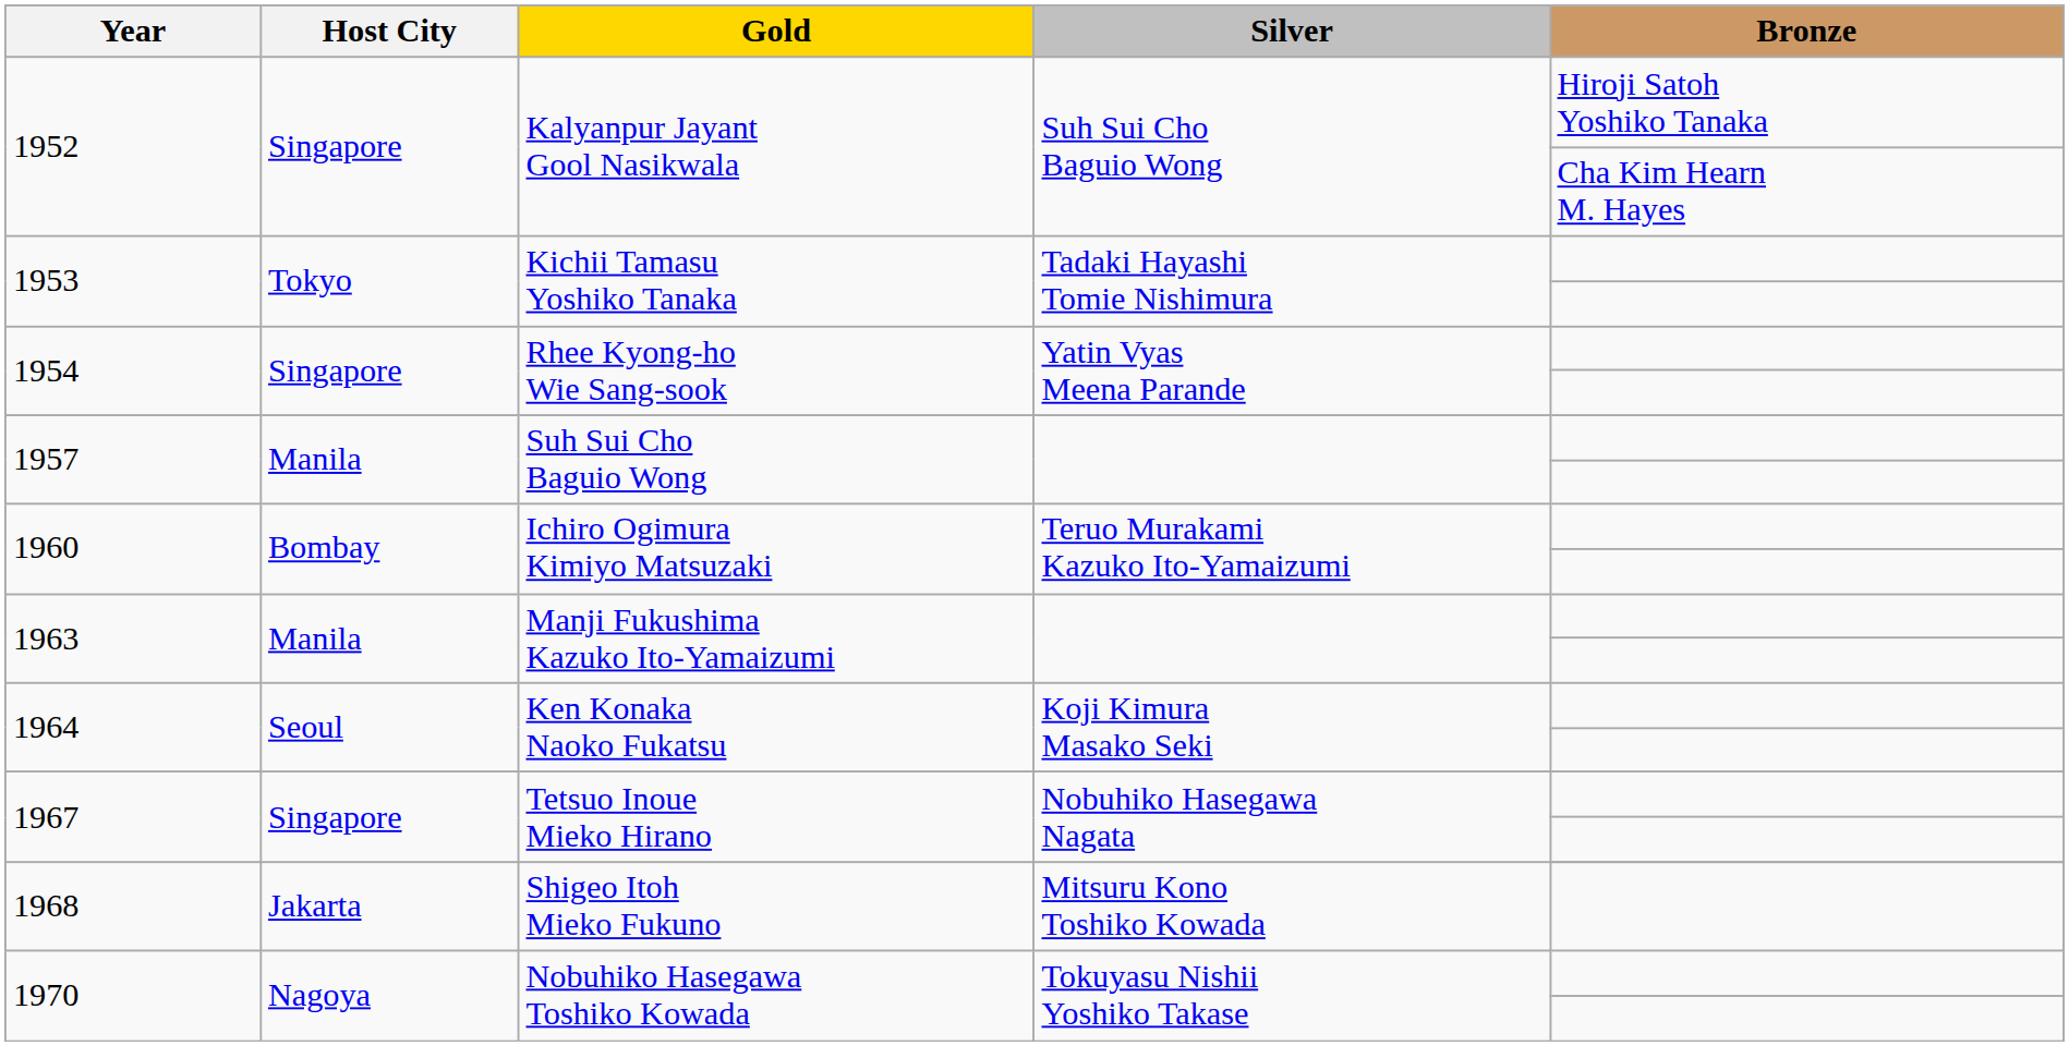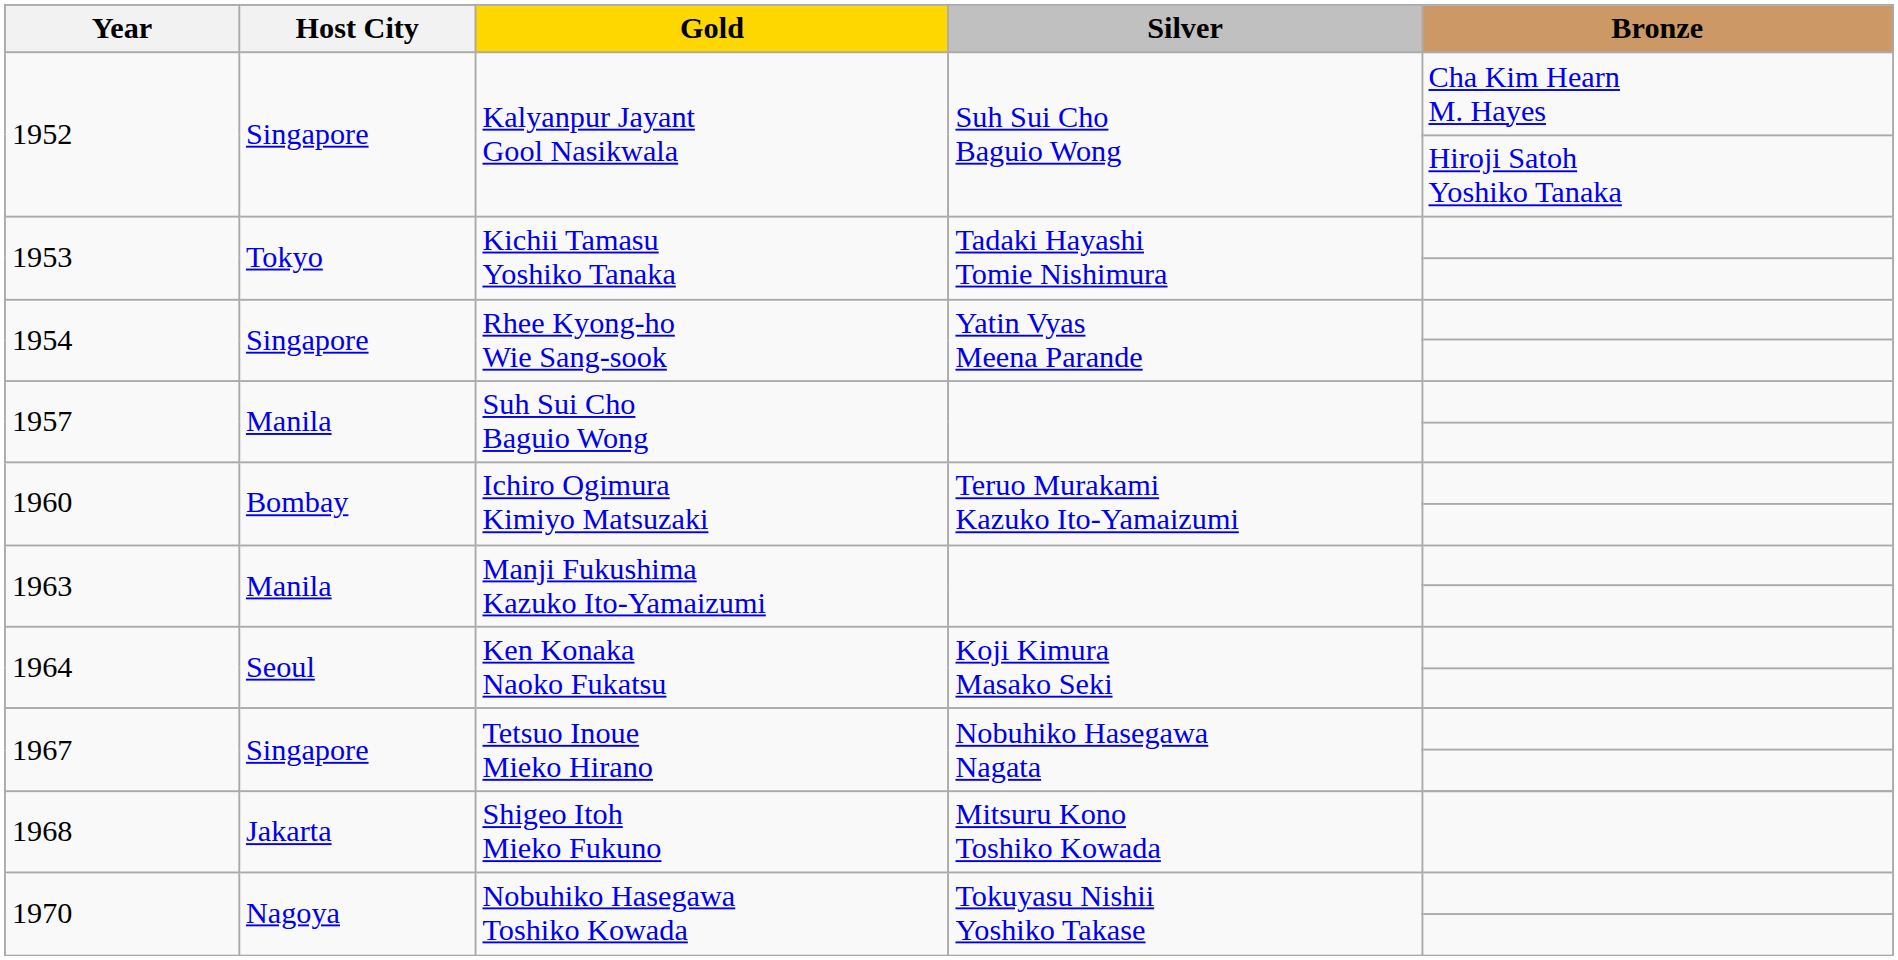 <table class="wikitable" style="text-align:left; width:1000px;">
 <tr>
 <th width="120">Year</th>
 <th width="120">Host City</th>
 <th width="250" style="background-color: gold">Gold</th>
 <th width="250" style="background-color: silver">Silver</th>
 <th width="250" style="background-color: #cc9966">Bronze</th>
 </tr>
 <tr>
 <td rowspan=2>1952</td>
 <td rowspan=2><a href='#'>Singapore</a></td>
 <td rowspan=2> <a href='#'>Kalyanpur Jayant</a><br> <a href='#'>Gool Nasikwala</a></td>
 <td rowspan=2> <a href='#'>Suh Sui Cho</a><br> <a href='#'>Baguio Wong</a></td>
-<td> <a href='#'>Hiroji Satoh</a><br> <a href='#'>Yoshiko Tanaka</a></td>
+<td> <a href='#'>Cha Kim Hearn</a><br> <a href='#'>M. Hayes</a></td>
 </tr>
 <tr>
-<td> <a href='#'>Cha Kim Hearn</a><br> <a href='#'>M. Hayes</a></td>
+<td> <a href='#'>Hiroji Satoh</a><br> <a href='#'>Yoshiko Tanaka</a></td>
 </tr>
 <tr>
 <td rowspan=2>1953</td>
 <td rowspan=2><a href='#'>Tokyo</a></td>
 <td rowspan=2> <a href='#'>Kichii Tamasu</a><br> <a href='#'>Yoshiko Tanaka</a></td>
 <td rowspan=2> <a href='#'>Tadaki Hayashi</a><br> <a href='#'>Tomie Nishimura</a></td>
 <td></td>
 </tr>
 <tr>
 <td></td>
 </tr>
 <tr>
 <td rowspan=2>1954</td>
 <td rowspan=2><a href='#'>Singapore</a></td>
 <td rowspan=2> <a href='#'>Rhee Kyong-ho</a><br> <a href='#'>Wie Sang-sook</a></td>
 <td rowspan=2> <a href='#'>Yatin Vyas</a><br> <a href='#'>Meena Parande</a></td>
 <td></td>
 </tr>
 <tr>
 <td></td>
 </tr>
 <tr>
 <td rowspan=2>1957</td>
 <td rowspan=2><a href='#'>Manila</a></td>
 <td rowspan=2> <a href='#'>Suh Sui Cho</a><br> <a href='#'>Baguio Wong</a></td>
 <td rowspan=2></td>
 <td></td>
 </tr>
 <tr>
 <td></td>
 </tr>
 <tr>
 <td rowspan=2>1960</td>
 <td rowspan=2><a href='#'>Bombay</a></td>
 <td rowspan=2> <a href='#'>Ichiro Ogimura</a><br> <a href='#'>Kimiyo Matsuzaki</a></td>
 <td rowspan=2> <a href='#'>Teruo Murakami</a><br> <a href='#'>Kazuko Ito-Yamaizumi</a></td>
 <td></td>
 </tr>
 <tr>
 <td></td>
 </tr>
 <tr>
 <td rowspan=2>1963</td>
 <td rowspan=2><a href='#'>Manila</a></td>
 <td rowspan=2> <a href='#'>Manji Fukushima</a><br> <a href='#'>Kazuko Ito-Yamaizumi</a></td>
 <td rowspan=2></td>
 <td></td>
 </tr>
 <tr>
 <td></td>
 </tr>
 <tr>
 <td rowspan=2>1964</td>
 <td rowspan=2><a href='#'>Seoul</a></td>
 <td rowspan=2> <a href='#'>Ken Konaka</a><br> <a href='#'>Naoko Fukatsu</a></td>
 <td rowspan=2> <a href='#'>Koji Kimura</a><br> <a href='#'>Masako Seki</a></td>
 <td></td>
 </tr>
 <tr>
 <td></td>
 </tr>
 <tr>
 <td rowspan=2>1967</td>
 <td rowspan=2><a href='#'>Singapore</a></td>
 <td rowspan=2> <a href='#'>Tetsuo Inoue</a><br> <a href='#'>Mieko Hirano</a></td>
 <td rowspan=2> <a href='#'>Nobuhiko Hasegawa</a><br> <a href='#'>Nagata</a></td>
 <td></td>
 </tr>
 <tr>
 <td></td>
 </tr>
 <tr>
 <td rowspan=2>1968</td>
 <td rowspan=2><a href='#'>Jakarta</a></td>
 <td rowspan=2> <a href='#'>Shigeo Itoh</a><br> <a href='#'>Mieko Fukuno</a></td>
 <td rowspan=2> <a href='#'>Mitsuru Kono</a><br> <a href='#'>Toshiko Kowada</a></td>
 </tr>
 <tr>
 <td></td>
 </tr>
 <tr>
 <td rowspan=2>1970</td>
 <td rowspan=2><a href='#'>Nagoya</a></td>
 <td rowspan=2> <a href='#'>Nobuhiko Hasegawa</a><br> <a href='#'>Toshiko Kowada</a></td>
 <td rowspan=2> <a href='#'>Tokuyasu Nishii</a><br> <a href='#'>Yoshiko Takase</a></td>
 <td></td>
 </tr>
 <tr>
 <td></td>
 </tr>
 </table>
